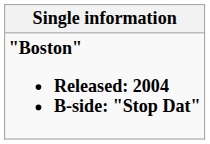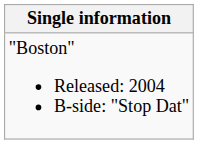 <table class="wikitable">
 <tr>
 <th>Single information</th>
 </tr>
 <tr>
-<td align="left"><strong>"Boston"<br><ul><li>Released: 2004</li><li>B-side: "Stop Dat"</li></ul></strong></td>
+<td align="left">"Boston"<br><ul><li>Released: 2004</li><li>B-side: "Stop Dat"</li></ul></td>
 </tr>
 </table>
